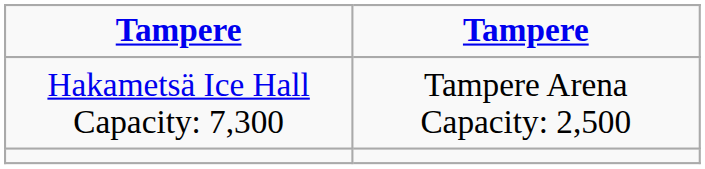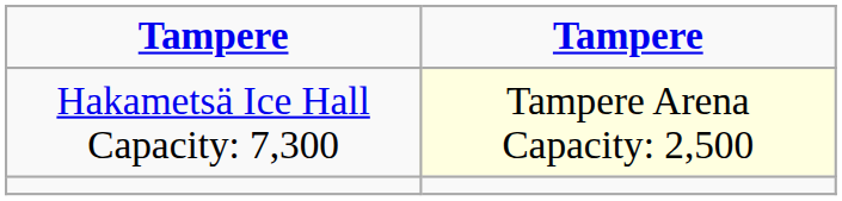 <table class="wikitable" style="text-align:center;">
 <tr>
 <td width=40%><strong><a href='#'>Tampere</a></strong></td>
 <td width=40%><strong><a href='#'>Tampere</a></strong></td>
 </tr>
 <tr>
 <td><a href='#'>Hakametsä Ice Hall</a><br>Capacity: 7,300</td>
-<td>Tampere Arena<br>Capacity: 2,500</td>
+<td style="background: lightyellow;">Tampere Arena<br>Capacity: 2,500</td>
 </tr>
 <tr>
 <td></td>
 <td></td>
 </tr>
 </table>
